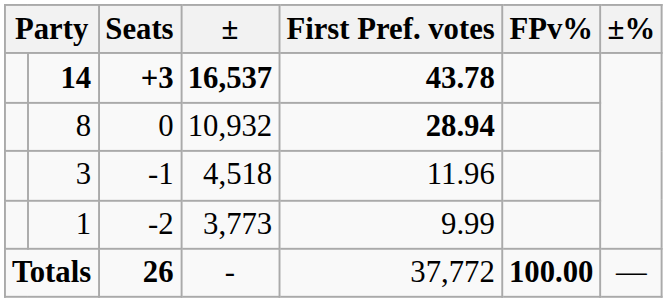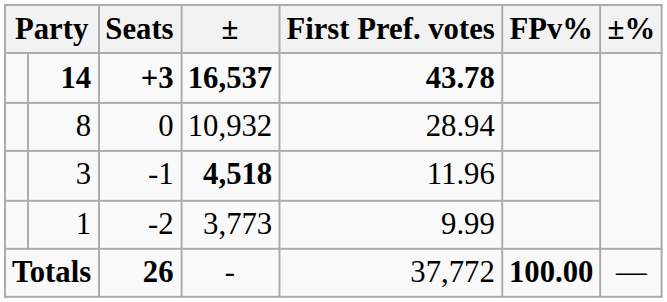 <table class=wikitable>
 <tr>
 <th colspan=2 align=center>Party</th>
 <th valign=top>Seats</th>
 <th valign=top>±</th>
 <th valign=top>First Pref. votes</th>
 <th valign=top>FPv%</th>
 <th valign=top>±%</th>
 </tr>
 <tr>
 <td></td>
 <td align=right><strong>14</strong></td>
 <td align=right><strong>+3</strong></td>
 <td align=right><strong>16,537</strong></td>
 <td align=right><strong>43.78</strong></td>
 <td align=right></td>
 </tr>
 <tr>
 <td></td>
 <td align=right>8</td>
 <td align=right>0</td>
 <td align=right>10,932</td>
-<td align=right><strong>28.94</strong></td>
+<td align=right>28.94</td>
 <td align=right></td>
 </tr>
 <tr>
 <td></td>
 <td align=right>3</td>
 <td align=right>-1</td>
-<td align=right>4,518</td>
+<td align=right><strong>4,518</strong></td>
 <td align=right>11.96</td>
 <td align=right></td>
 </tr>
 <tr>
 <td></td>
 <td align=right>1</td>
 <td align=right>-2</td>
 <td align=right>3,773</td>
 <td align=right>9.99</td>
 <td align=right></td>
 </tr>
 <tr>
 <td colspan=2 align=center><strong>Totals</strong></td>
 <td align=right><strong>26</strong></td>
 <td align=center>-</td>
 <td align=right>37,772</td>
 <td align=center><strong>100.00</strong></td>
 <td align=center>—</td>
 </tr>
 </table>
